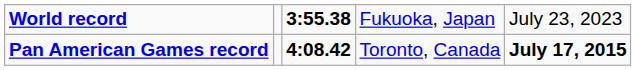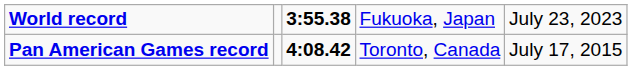 <table class="wikitable">
 <tr>
 <td><strong><a href='#'>World record</a></strong></td>
 <td></td>
 <td><strong>3:55.38</strong></td>
 <td><a href='#'>Fukuoka</a>, <a href='#'>Japan</a></td>
 <td>July 23, 2023</td>
 </tr>
 <tr>
 <td><strong><a href='#'>Pan American Games record</a></strong></td>
 <td></td>
 <td><strong>4:08.42</strong></td>
 <td><a href='#'>Toronto</a>, <a href='#'>Canada</a></td>
-<td><strong>July 17, 2015</strong></td>
+<td>July 17, 2015</td>
 </tr>
 </table>
